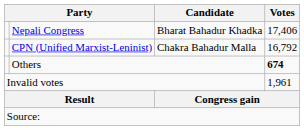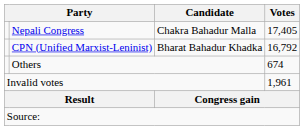 <table class="wikitable">
 <tr>
 <th colspan="2">Party</th>
 <th>Candidate</th>
 <th>Votes</th>
 </tr>
 <tr>
 <td style="background-color:"></td>
 <td><a href='#'>Nepali Congress</a></td>
-<td>Bharat Bahadur Khadka</td>
-<td>17,406</td>
+<td>Chakra Bahadur Malla</td>
+<td>17,405</td>
 </tr>
 <tr>
 <td style="background-color:"></td>
 <td><a href='#'>CPN (Unified Marxist-Leninist)</a></td>
-<td>Chakra Bahadur Malla</td>
+<td>Bharat Bahadur Khadka</td>
 <td>16,792</td>
 </tr>
 <tr>
 <td></td>
 <td colspan="2">Others</td>
-<td><strong>674</strong></td>
+<td>674</td>
 </tr>
 <tr>
 <td colspan="3">Invalid votes</td>
 <td>1,961</td>
 </tr>
 <tr>
 <th colspan="2">Result</th>
 <th colspan="2">Congress gain</th>
 </tr>
 <tr>
 <td colspan="4">Source: </td>
 </tr>
 </table>
